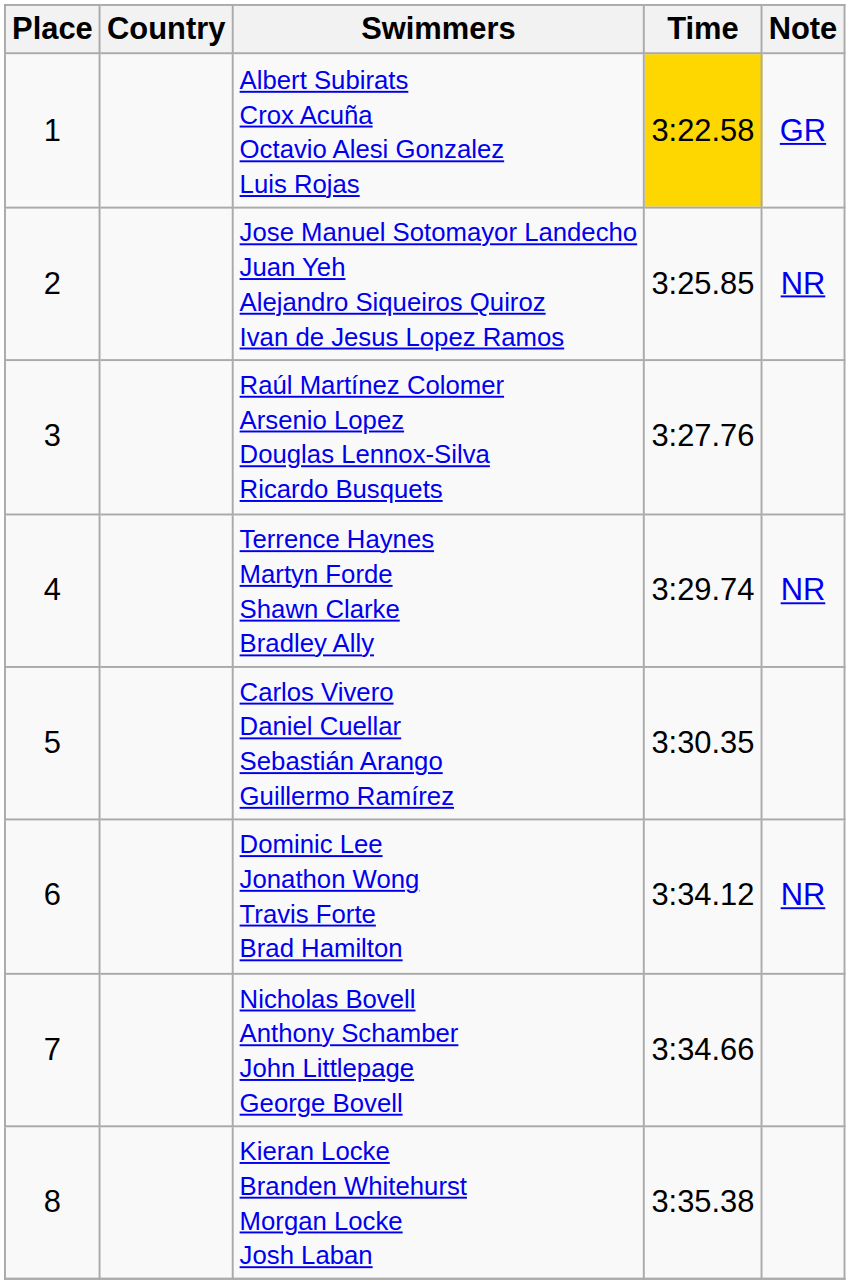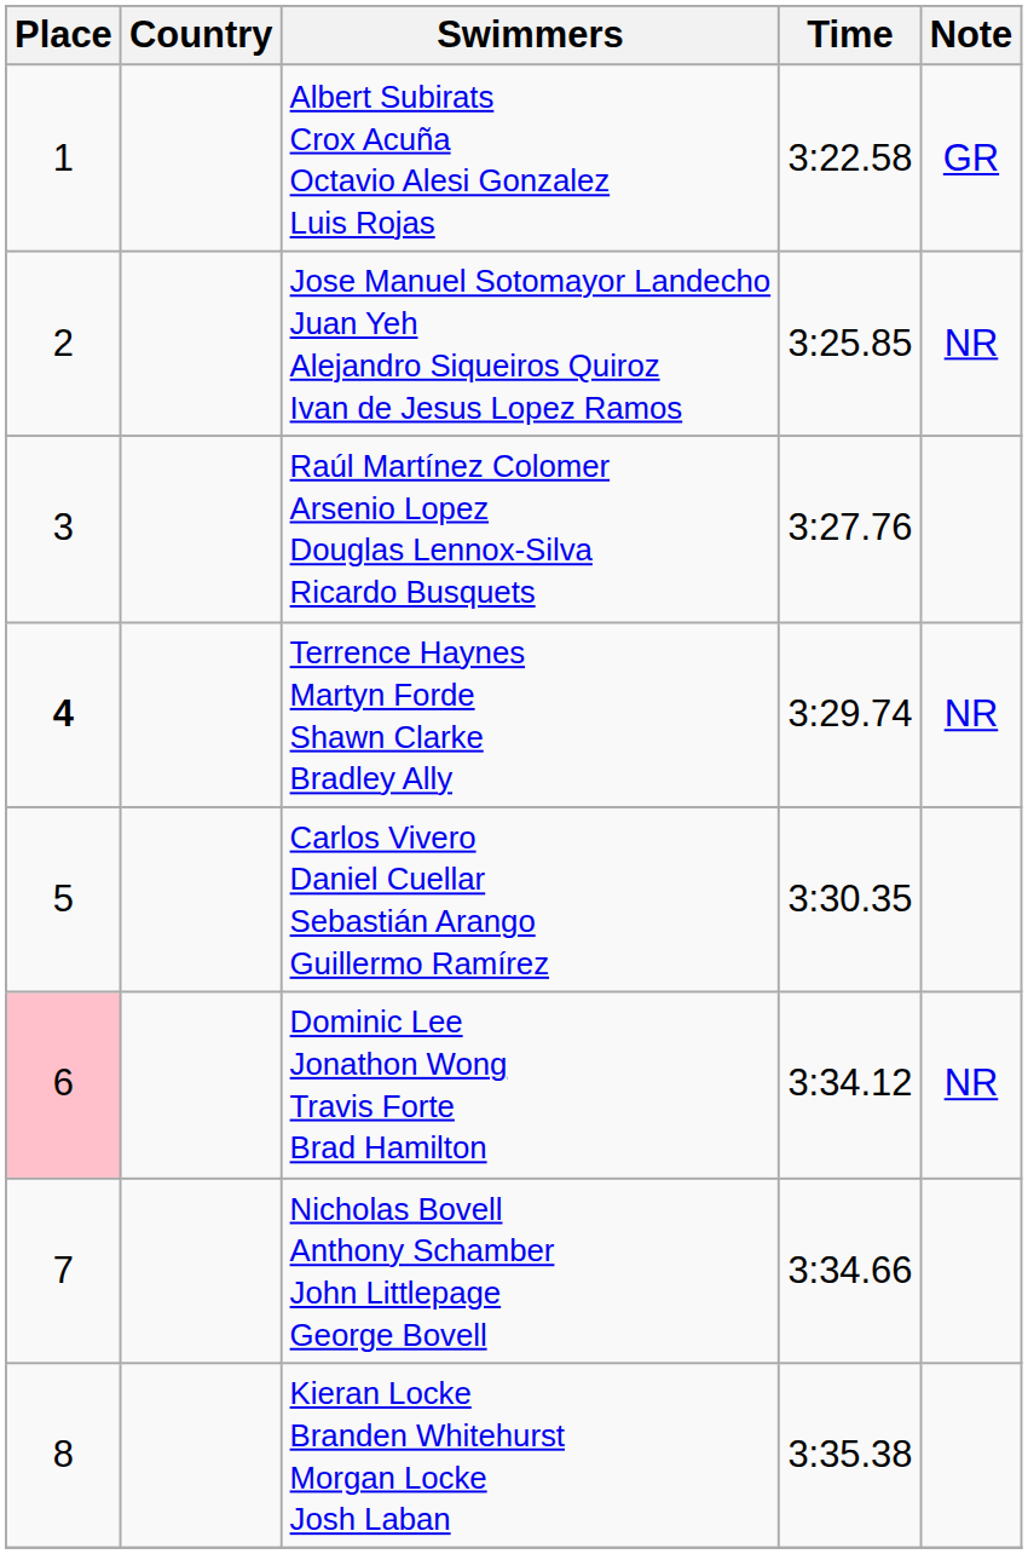 <table class="wikitable" style="text-align:center">
 <tr>
 <th>Place</th>
 <th>Country</th>
 <th>Swimmers</th>
 <th>Time</th>
 <th>Note</th>
 </tr>
 <tr>
 <td>1</td>
 <td align=left></td>
 <td align=left><small><a href='#'>Albert Subirats</a><br> <a href='#'>Crox Acuña</a><br> <a href='#'>Octavio Alesi Gonzalez</a><br> <a href='#'>Luis Rojas</a></small></td>
-<td style="background: gold;">3:22.58</td>
+<td>3:22.58</td>
 <td><a href='#'>GR</a></td>
 </tr>
 <tr>
 <td>2</td>
 <td align=left></td>
 <td align=left><small><a href='#'>Jose Manuel Sotomayor Landecho</a><br><a href='#'>Juan Yeh</a><br><a href='#'>Alejandro Siqueiros Quiroz</a><br><a href='#'>Ivan de Jesus Lopez Ramos</a></small></td>
 <td>3:25.85</td>
 <td><a href='#'>NR</a></td>
 </tr>
 <tr>
 <td>3</td>
 <td align=left></td>
 <td align=left><small><a href='#'>Raúl Martínez Colomer</a><br> <a href='#'>Arsenio Lopez</a><br> <a href='#'>Douglas Lennox-Silva</a><br> <a href='#'>Ricardo Busquets</a> </small></td>
 <td>3:27.76</td>
 <td></td>
 </tr>
 <tr>
-<td>4</td>
+<td><strong>4</strong></td>
 <td align=left></td>
 <td align=left><small><a href='#'>Terrence Haynes</a><br> <a href='#'>Martyn Forde</a><br> <a href='#'>Shawn Clarke</a><br> <a href='#'>Bradley Ally</a> </small></td>
 <td>3:29.74</td>
 <td><a href='#'>NR</a></td>
 </tr>
 <tr>
 <td>5</td>
 <td align=left></td>
 <td align=left><small><a href='#'>Carlos Vivero</a><br> <a href='#'>Daniel Cuellar</a><br> <a href='#'>Sebastián Arango</a><br> <a href='#'>Guillermo Ramírez</a> </small></td>
 <td>3:30.35</td>
 <td></td>
 </tr>
 <tr>
-<td>6</td>
+<td style="background: pink;">6</td>
 <td align=left></td>
 <td align=left><small><a href='#'>Dominic Lee</a><br> <a href='#'>Jonathon Wong</a><br> <a href='#'>Travis Forte</a><br> <a href='#'>Brad Hamilton</a> </small></td>
 <td>3:34.12</td>
 <td><a href='#'>NR</a></td>
 </tr>
 <tr>
 <td>7</td>
 <td align=left></td>
 <td align=left><small><a href='#'>Nicholas Bovell</a><br> <a href='#'>Anthony Schamber</a><br> <a href='#'>John Littlepage</a><br> <a href='#'>George Bovell</a> </small></td>
 <td>3:34.66</td>
 <td></td>
 </tr>
 <tr>
 <td>8</td>
 <td align=left></td>
 <td align=left><small><a href='#'>Kieran Locke</a><br> <a href='#'>Branden Whitehurst</a><br> <a href='#'>Morgan Locke</a><br> <a href='#'>Josh Laban</a> </small></td>
 <td>3:35.38</td>
 <td></td>
 </tr>
 <tr>
 </tr>
 </table>
